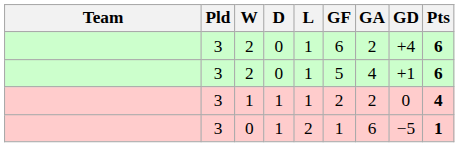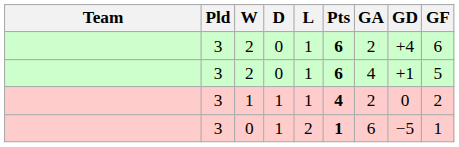 <table class="wikitable" style="text-align:center;">
 <tr>
 <th width=175>Team</th>
 <th width=20 abbr="Played">Pld</th>
 <th width=20 abbr="Won">W</th>
 <th width=20 abbr="Drawn">D</th>
 <th width=20 abbr="Lost">L</th>
-<th width=20 abbr="Goals for">GF</th>
+<th width=20 abbr="Points">Pts</th>
 <th width=20 abbr="Goals against">GA</th>
 <th width=20 abbr="Goal difference">GD</th>
-<th width=20 abbr="Points">Pts</th>
+<th width=20 abbr="Goals for">GF</th>
 </tr>
 <tr bgcolor="#ccffcc">
 <td align="left"></td>
 <td>3</td>
 <td>2</td>
 <td>0</td>
 <td>1</td>
-<td>6</td>
+<td><strong>6</strong></td>
 <td>2</td>
 <td>+4</td>
-<td><strong>6</strong></td>
+<td>6</td>
 </tr>
 <tr bgcolor="#ccffcc">
 <td align="left"></td>
 <td>3</td>
 <td>2</td>
 <td>0</td>
 <td>1</td>
-<td>5</td>
+<td><strong>6</strong></td>
 <td>4</td>
 <td>+1</td>
-<td><strong>6</strong></td>
+<td>5</td>
 </tr>
 <tr bgcolor=#ffcccc>
 <td align="left"></td>
 <td>3</td>
 <td>1</td>
 <td>1</td>
 <td>1</td>
-<td>2</td>
+<td><strong>4</strong></td>
 <td>2</td>
 <td>0</td>
-<td><strong>4</strong></td>
+<td>2</td>
 </tr>
 <tr bgcolor=#ffcccc>
 <td align="left"></td>
 <td>3</td>
 <td>0</td>
 <td>1</td>
 <td>2</td>
-<td>1</td>
+<td><strong>1</strong></td>
 <td>6</td>
 <td>−5</td>
-<td><strong>1</strong></td>
+<td>1</td>
 </tr>
 </table>
